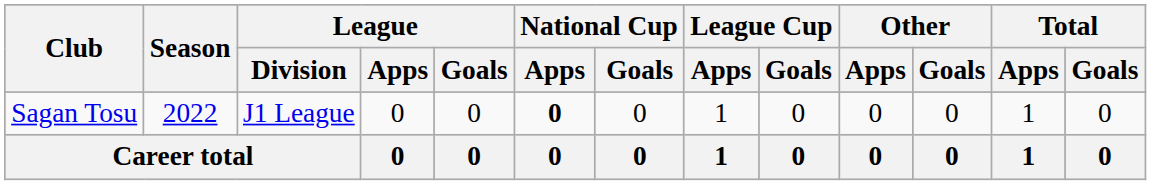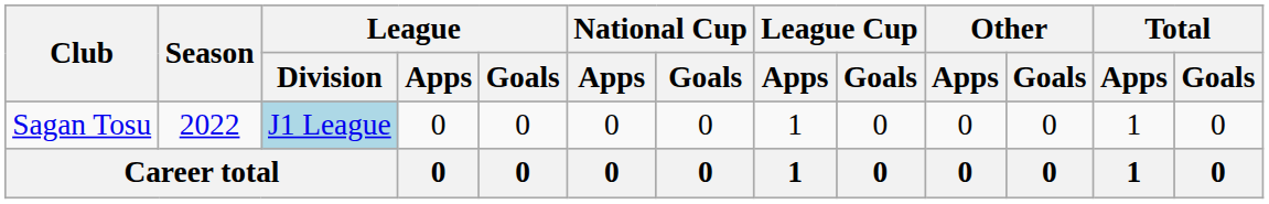 <table class="wikitable" style="text-align: center">
 <tr>
 <th rowspan="2">Club</th>
 <th rowspan="2">Season</th>
 <th colspan="3">League</th>
 <th colspan="2">National Cup</th>
 <th colspan="2">League Cup</th>
 <th colspan="2">Other</th>
 <th colspan="2">Total</th>
 </tr>
 <tr>
 <th>Division</th>
 <th>Apps</th>
 <th>Goals</th>
 <th>Apps</th>
 <th>Goals</th>
 <th>Apps</th>
 <th>Goals</th>
 <th>Apps</th>
 <th>Goals</th>
 <th>Apps</th>
 <th>Goals</th>
 </tr>
 <tr>
 <td><a href='#'>Sagan Tosu</a></td>
 <td><a href='#'>2022</a></td>
-<td><a href='#'>J1 League</a></td>
+<td style="background: lightblue;"><a href='#'>J1 League</a></td>
 <td>0</td>
 <td>0</td>
-<td><strong>0</strong></td>
+<td>0</td>
 <td>0</td>
 <td>1</td>
 <td>0</td>
 <td>0</td>
 <td>0</td>
 <td>1</td>
 <td>0</td>
 </tr>
 <tr>
 <th colspan=3>Career total</th>
 <th>0</th>
 <th>0</th>
 <th>0</th>
 <th>0</th>
 <th>1</th>
 <th>0</th>
 <th>0</th>
 <th>0</th>
 <th>1</th>
 <th>0</th>
 </tr>
 </table>
